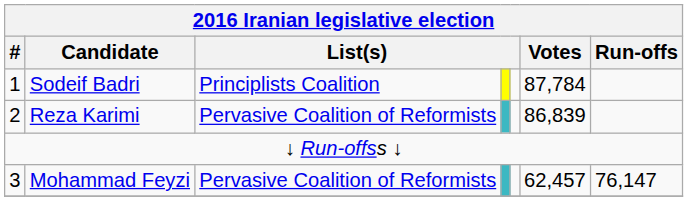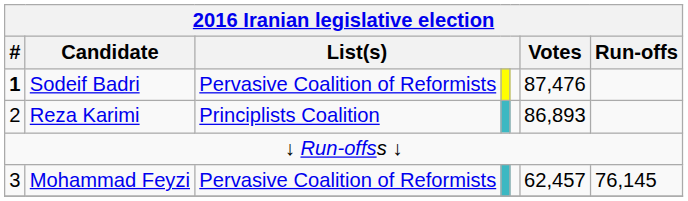 <table class=wikitable style=text-align:left>
 <tr>
 <th colspan="7" align=center><a href='#'>2016 Iranian legislative election</a></th>
 </tr>
 <tr>
 <th>#</th>
 <th>Candidate</th>
 <th colspan="3">List(s)</th>
 <th>Votes</th>
 <th>Run-offs</th>
 </tr>
 <tr>
-<td>1</td>
+<td><strong>1</strong></td>
 <td><a href='#'>Sodeif Badri</a></td>
-<td><a href='#'>Principlists Coalition</a></td>
+<td><a href='#'>Pervasive Coalition of Reformists</a></td>
 <td style="background:#FFFF00"></td>
 <td></td>
-<td>87,784</td>
+<td>87,476</td>
 <td></td>
 </tr>
 <tr>
 <td>2</td>
 <td><a href='#'>Reza Karimi</a></td>
-<td><a href='#'>Pervasive Coalition of Reformists</a></td>
+<td><a href='#'>Principlists Coalition</a></td>
 <td style="background:#3cb8c2"></td>
 <td></td>
-<td>86,839</td>
+<td>86,893</td>
 <td></td>
 </tr>
 <tr>
 <td colspan="7" align=center>↓ <em><a href='#'>Run-offs</a>s</em> ↓</td>
 </tr>
 <tr>
 <td>3</td>
 <td><a href='#'>Mohammad Feyzi</a></td>
 <td><a href='#'>Pervasive Coalition of Reformists</a></td>
 <td style="background:#3cb8c2"></td>
 <td></td>
 <td>62,457</td>
-<td>76,147</td>
+<td>76,145</td>
 </tr>
 <tr>
 </tr>
 </table>
